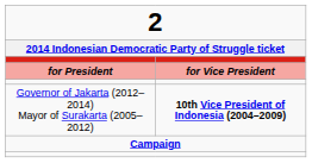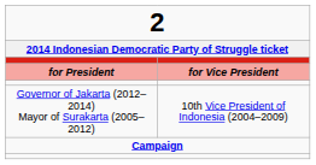 <table class="wikitable" style="font-size:90%; text-align:center">
 <tr>
 <td colspan=2 style="text-align:center;"><big><big><big><big><big><strong>2</strong></big></big></big></big></big></td>
 </tr>
 <tr>
 <td colspan=2 style="background:#f1f1f1;"><strong><a href='#'>2014 Indonesian Democratic Party of Struggle ticket</a></strong></td>
 </tr>
 <tr>
 <th style="font-size:135%; background:#DB2016;"><a href='#'></a></th>
 <th style="font-size:135%; background:#DB2016;"><a href='#'></a></th>
 </tr>
 <tr style="color:#000; font-size:100%; background:#F6A7A2;">
 <td style="width:3em; width:200px;"><strong><em>for President</em></strong></td>
 <td style="width:3em; width:200px;"><strong><em>for Vice President</em></strong></td>
 </tr>
 <tr>
 <td></td>
 <td></td>
 </tr>
 <tr>
 <td><a href='#'>Governor of Jakarta</a> (2012–2014)<br>Mayor of <a href='#'>Surakarta</a> (2005–2012)</td>
-<td><strong>10th <a href='#'>Vice President of Indonesia</a> (2004–2009)</strong></td>
+<td>10th <a href='#'>Vice President of Indonesia</a> (2004–2009)</td>
 </tr>
 <tr>
 <td colspan=2><strong><a href='#'>Campaign</a></strong></td>
 </tr>
 <tr>
 <td colspan=2></td>
 </tr>
 </table>
